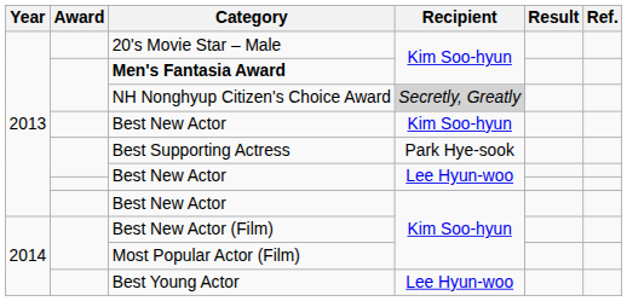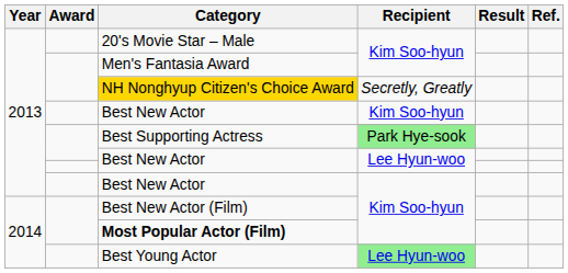 <table class="wikitable sortable">
 <tr style="text-align:center;">
 <th>Year</th>
 <th>Award</th>
 <th>Category</th>
 <th>Recipient</th>
 <th>Result</th>
 <th>Ref.</th>
 </tr>
 <tr>
 <td rowspan="8" style="text-align:center;">2013</td>
 <td></td>
 <td>20's Movie Star – Male</td>
 <td rowspan="2" style="text-align:center;"><a href='#'>Kim Soo-hyun</a></td>
 <td></td>
 <td></td>
 </tr>
 <tr>
 <td rowspan="2"></td>
-<td><strong>Men's Fantasia Award</strong></td>
+<td>Men's Fantasia Award</td>
 <td></td>
 <td></td>
 </tr>
 <tr>
-<td>NH Nonghyup Citizen's Choice Award</td>
-<td style="background: lightgrey; text-align:center;"><em>Secretly, Greatly</em></td>
+<td style="background: gold;">NH Nonghyup Citizen's Choice Award</td>
+<td style="text-align:center;"><em>Secretly, Greatly</em></td>
 <td></td>
 <td></td>
 </tr>
 <tr>
 <td></td>
 <td>Best New Actor</td>
 <td style="text-align:center;"><a href='#'>Kim Soo-hyun</a></td>
 <td></td>
 <td></td>
 </tr>
 <tr>
 <td rowspan="2"></td>
 <td>Best Supporting Actress</td>
-<td style="text-align:center;">Park Hye-sook</td>
+<td style="background: lightgreen; text-align:center;">Park Hye-sook</td>
 <td></td>
 <td></td>
 </tr>
 <tr>
 <td rowspan="2">Best New Actor</td>
 <td rowspan="2" style="text-align:center;"><a href='#'>Lee Hyun-woo</a></td>
 <td></td>
 <td></td>
 </tr>
 <tr>
 <td></td>
 <td></td>
 <td></td>
 </tr>
 <tr>
 <td></td>
 <td>Best New Actor</td>
 <td rowspan="3" style="text-align:center;"><a href='#'>Kim Soo-hyun</a></td>
 <td></td>
 <td></td>
 </tr>
 <tr>
 <td rowspan="3" style="text-align:center;">2014</td>
 <td rowspan="2"></td>
 <td>Best New Actor (Film)</td>
 <td></td>
 <td></td>
 </tr>
 <tr>
-<td>Most Popular Actor (Film)</td>
+<td><strong>Most Popular Actor (Film)</strong></td>
 <td></td>
 <td></td>
 </tr>
 <tr>
 <td></td>
 <td>Best Young Actor</td>
-<td style="text-align:center;"><a href='#'>Lee Hyun-woo</a></td>
+<td style="background: lightgreen; text-align:center;"><a href='#'>Lee Hyun-woo</a></td>
 <td></td>
 <td></td>
 </tr>
 </table>
